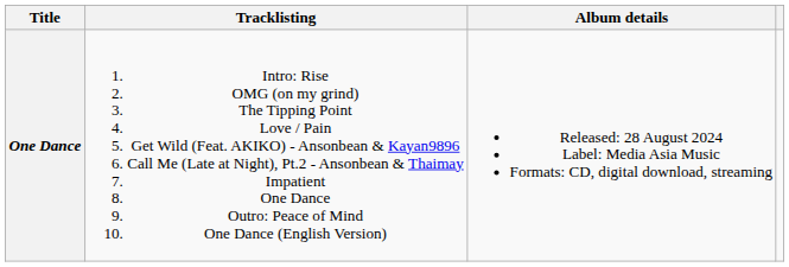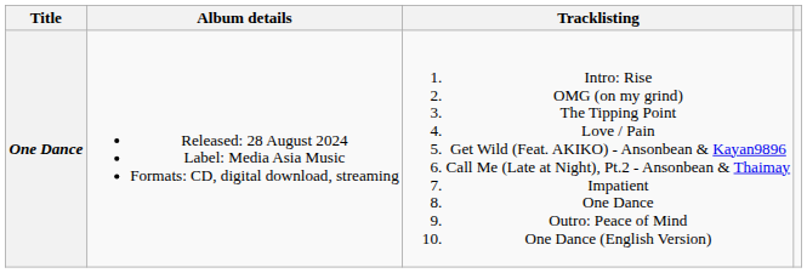 <table class="wikitable plainrowheaders" style="text-align:center;">
 <tr>
 <th>Title</th>
+<th>Album details</th>
 <th>Tracklisting</th>
-<th>Album details</th>
 <th scope="col" class="unsortable"></th>
 </tr>
 <tr>
 <th scope="row"><em>One Dance</em></th>
+<td><br><ul><li>Released: 28 August 2024</li><li>Label: Media Asia Music</li><li>Formats: CD, digital download, streaming</li></ul></td>
 <td><br><ol><li>Intro: Rise</li><li>OMG (on my grind)</li><li>The Tipping Point</li><li>Love / Pain</li><li>Get Wild (Feat. AKIKO) - Ansonbean & <a href='#'>Kayan9896</a></li><li>Call Me (Late at Night), Pt.2 - Ansonbean & <a href='#'>Thaimay</a></li><li>Impatient</li><li>One Dance</li><li>Outro: Peace of Mind</li><li>One Dance (English Version)</li></ol></td>
-<td><br><ul><li>Released: 28 August 2024</li><li>Label: Media Asia Music</li><li>Formats: CD, digital download, streaming</li></ul></td>
 <td></td>
 </tr>
 </table>
